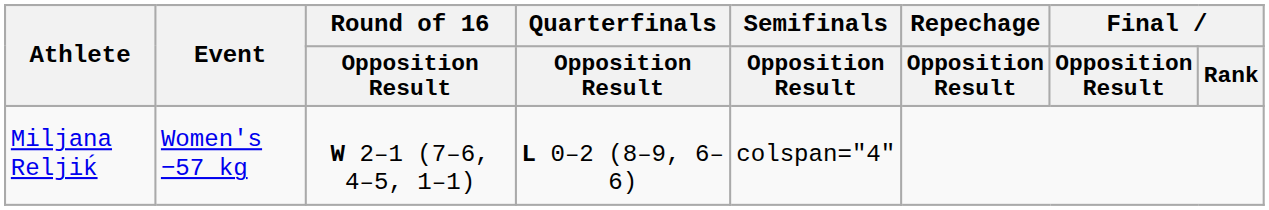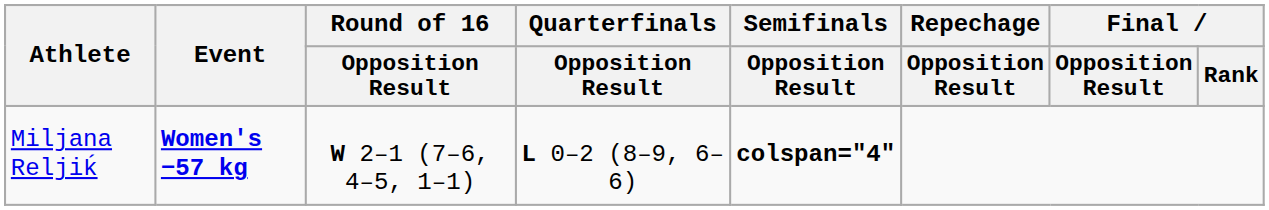 <table class=wikitable style=font-size:90%;text-align:center>
 <tr>
 <th rowspan=2>Athlete</th>
 <th rowspan=2>Event</th>
 <th>Round of 16</th>
 <th>Quarterfinals</th>
 <th>Semifinals</th>
 <th>Repechage</th>
 <th colspan=2>Final / </th>
 </tr>
 <tr style=font-size:95%>
 <th>Opposition<br>Result</th>
 <th>Opposition<br>Result</th>
 <th>Opposition<br>Result</th>
 <th>Opposition<br>Result</th>
 <th>Opposition<br>Result</th>
 <th>Rank</th>
 </tr>
 <tr>
 <td align=left><a href='#'>Miljana Reljiḱ</a></td>
-<td align=left><a href='#'>Women's −57 kg</a></td>
+<td align=left><strong><a href='#'>Women's −57 kg</a></strong></td>
 <td><br><strong>W</strong> 2–1 (7–6, 4–5, 1–1)</td>
 <td><br><strong>L</strong> 0–2 (8–9, 6–6)</td>
-<td>colspan="4" </td>
+<td><strong>colspan="4" </strong></td>
 </tr>
 </table>
